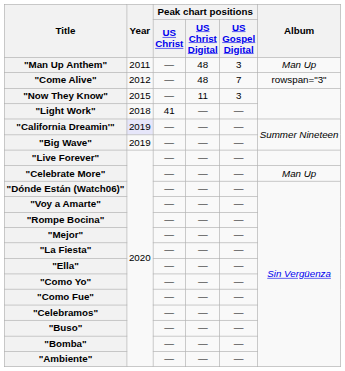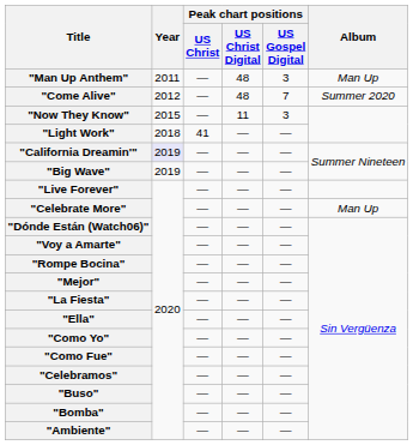 <table class="wikitable plainrowheaders" style="text-align:center;">
 <tr>
 <th rowspan="2" scope="col">Title</th>
 <th rowspan="2" scope="col">Year</th>
 <th colspan="3">Peak chart positions</th>
 <th rowspan="2" scope="col">Album</th>
 </tr>
 <tr>
 <th scope="col"><a href='#'>US<br>Christ</a><br></th>
 <th scope="col"><a href='#'>US<br>Christ<br>Digital</a><br></th>
 <th scope="col"><a href='#'>US<br>Gospel<br>Digital</a><br></th>
 </tr>
 <tr>
 <th scope="row">"Man Up Anthem"<br></th>
 <td>2011</td>
 <td>—</td>
 <td>48</td>
 <td>3</td>
 <td><em>Man Up</em></td>
 </tr>
 <tr>
 <th scope="row">"Come Alive"<br></th>
 <td>2012</td>
 <td>—</td>
 <td>48</td>
 <td>7</td>
-<td>rowspan="3" </td>
+<td><em>Summer 2020</em></td>
 </tr>
 <tr>
 <th scope="row">"Now They Know"<br></th>
 <td>2015</td>
 <td>—</td>
 <td>11</td>
 <td>3</td>
 </tr>
 <tr>
 <th scope="row">"Light Work"<br></th>
 <td>2018</td>
 <td>41</td>
 <td>—</td>
 <td>—</td>
 </tr>
 <tr>
 <th scope="row">"California Dreamin'"<br></th>
 <td style="background: lavender;">2019</td>
 <td>—</td>
 <td>—</td>
 <td>—</td>
 <td rowspan="2"><em>Summer Nineteen</em></td>
 </tr>
 <tr>
 <th scope="row">"Big Wave"<br></th>
 <td>2019</td>
 <td>—</td>
 <td>—</td>
 <td>—</td>
 </tr>
 <tr>
 <th scope="row">"Live Forever"<br></th>
 <td rowspan="14">2020</td>
 <td>—</td>
 <td>—</td>
 <td>—</td>
 <td></td>
 </tr>
 <tr>
 <th scope="row">"Celebrate More"<br></th>
 <td>—</td>
 <td>—</td>
 <td>—</td>
 <td><em>Man Up</em></td>
 </tr>
 <tr>
 <th scope="row">"Dónde Están (Watch06)"<br></th>
 <td>—</td>
 <td>—</td>
 <td>—</td>
 <td rowspan="12"><a href='#'><em>Sin Vergüenza</em></a></td>
 </tr>
 <tr>
 <th scope="row">"Voy a Amarte"<br></th>
 <td>—</td>
 <td>—</td>
 <td>—</td>
 </tr>
 <tr>
 <th scope="row">"Rompe Bocina"<br></th>
 <td>—</td>
 <td>—</td>
 <td>—</td>
 </tr>
 <tr>
 <th scope="row">"Mejor"<br></th>
 <td>—</td>
 <td>—</td>
 <td>—</td>
 </tr>
 <tr>
 <th scope="row">"La Fiesta"<br></th>
 <td>—</td>
 <td>—</td>
 <td>—</td>
 </tr>
 <tr>
 <th scope="row">"Ella"<br></th>
 <td>—</td>
 <td>—</td>
 <td>—</td>
 </tr>
 <tr>
 <th scope="row">"Como Yo"<br></th>
 <td>—</td>
 <td>—</td>
 <td>—</td>
 </tr>
 <tr>
 <th scope="row">"Como Fue"<br></th>
 <td>—</td>
 <td>—</td>
 <td>—</td>
 </tr>
 <tr>
 <th scope="row">"Celebramos"<br></th>
 <td>—</td>
 <td>—</td>
 <td>—</td>
 </tr>
 <tr>
 <th scope="row">"Buso"<br></th>
 <td>—</td>
 <td>—</td>
 <td>—</td>
 </tr>
 <tr>
 <th scope="row">"Bomba"<br></th>
 <td>—</td>
 <td>—</td>
 <td>—</td>
 </tr>
 <tr>
 <th scope="row">"Ambiente"<br></th>
 <td>—</td>
 <td>—</td>
 <td>—</td>
 </tr>
 </table>
